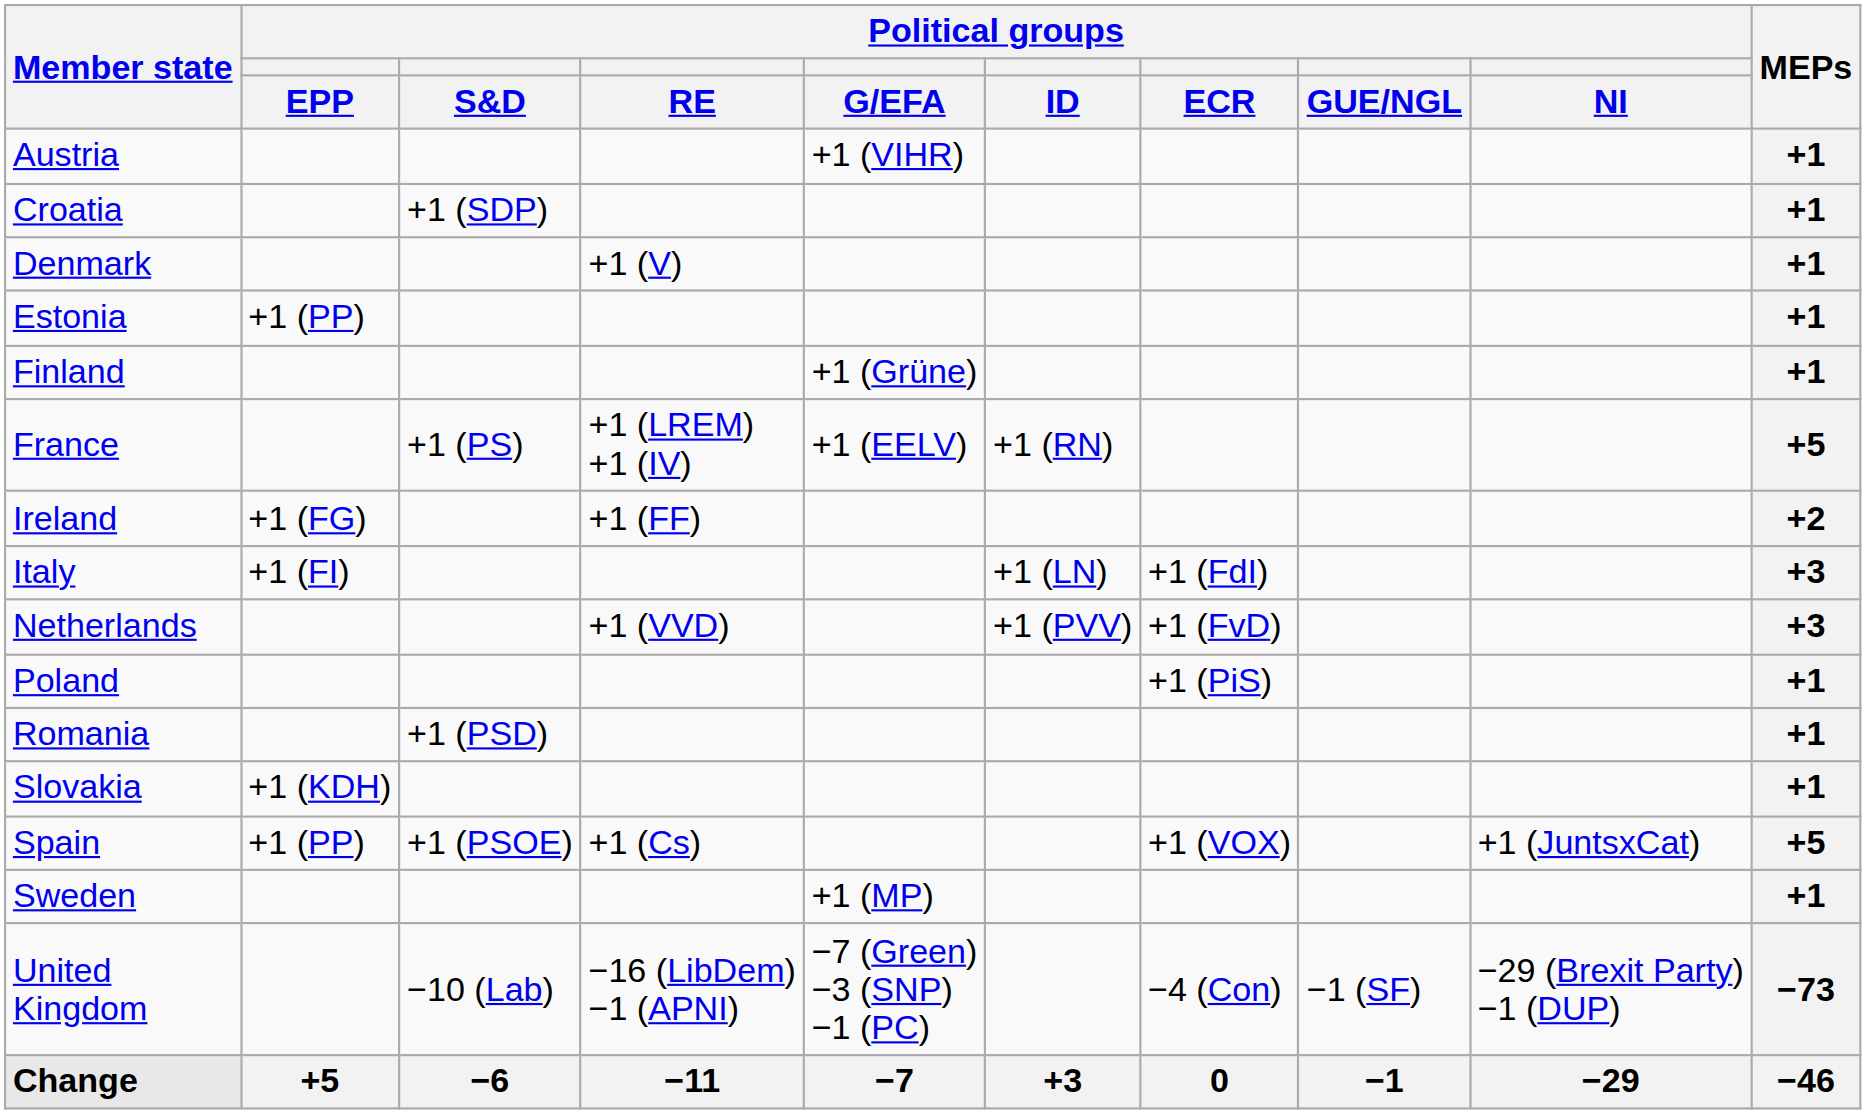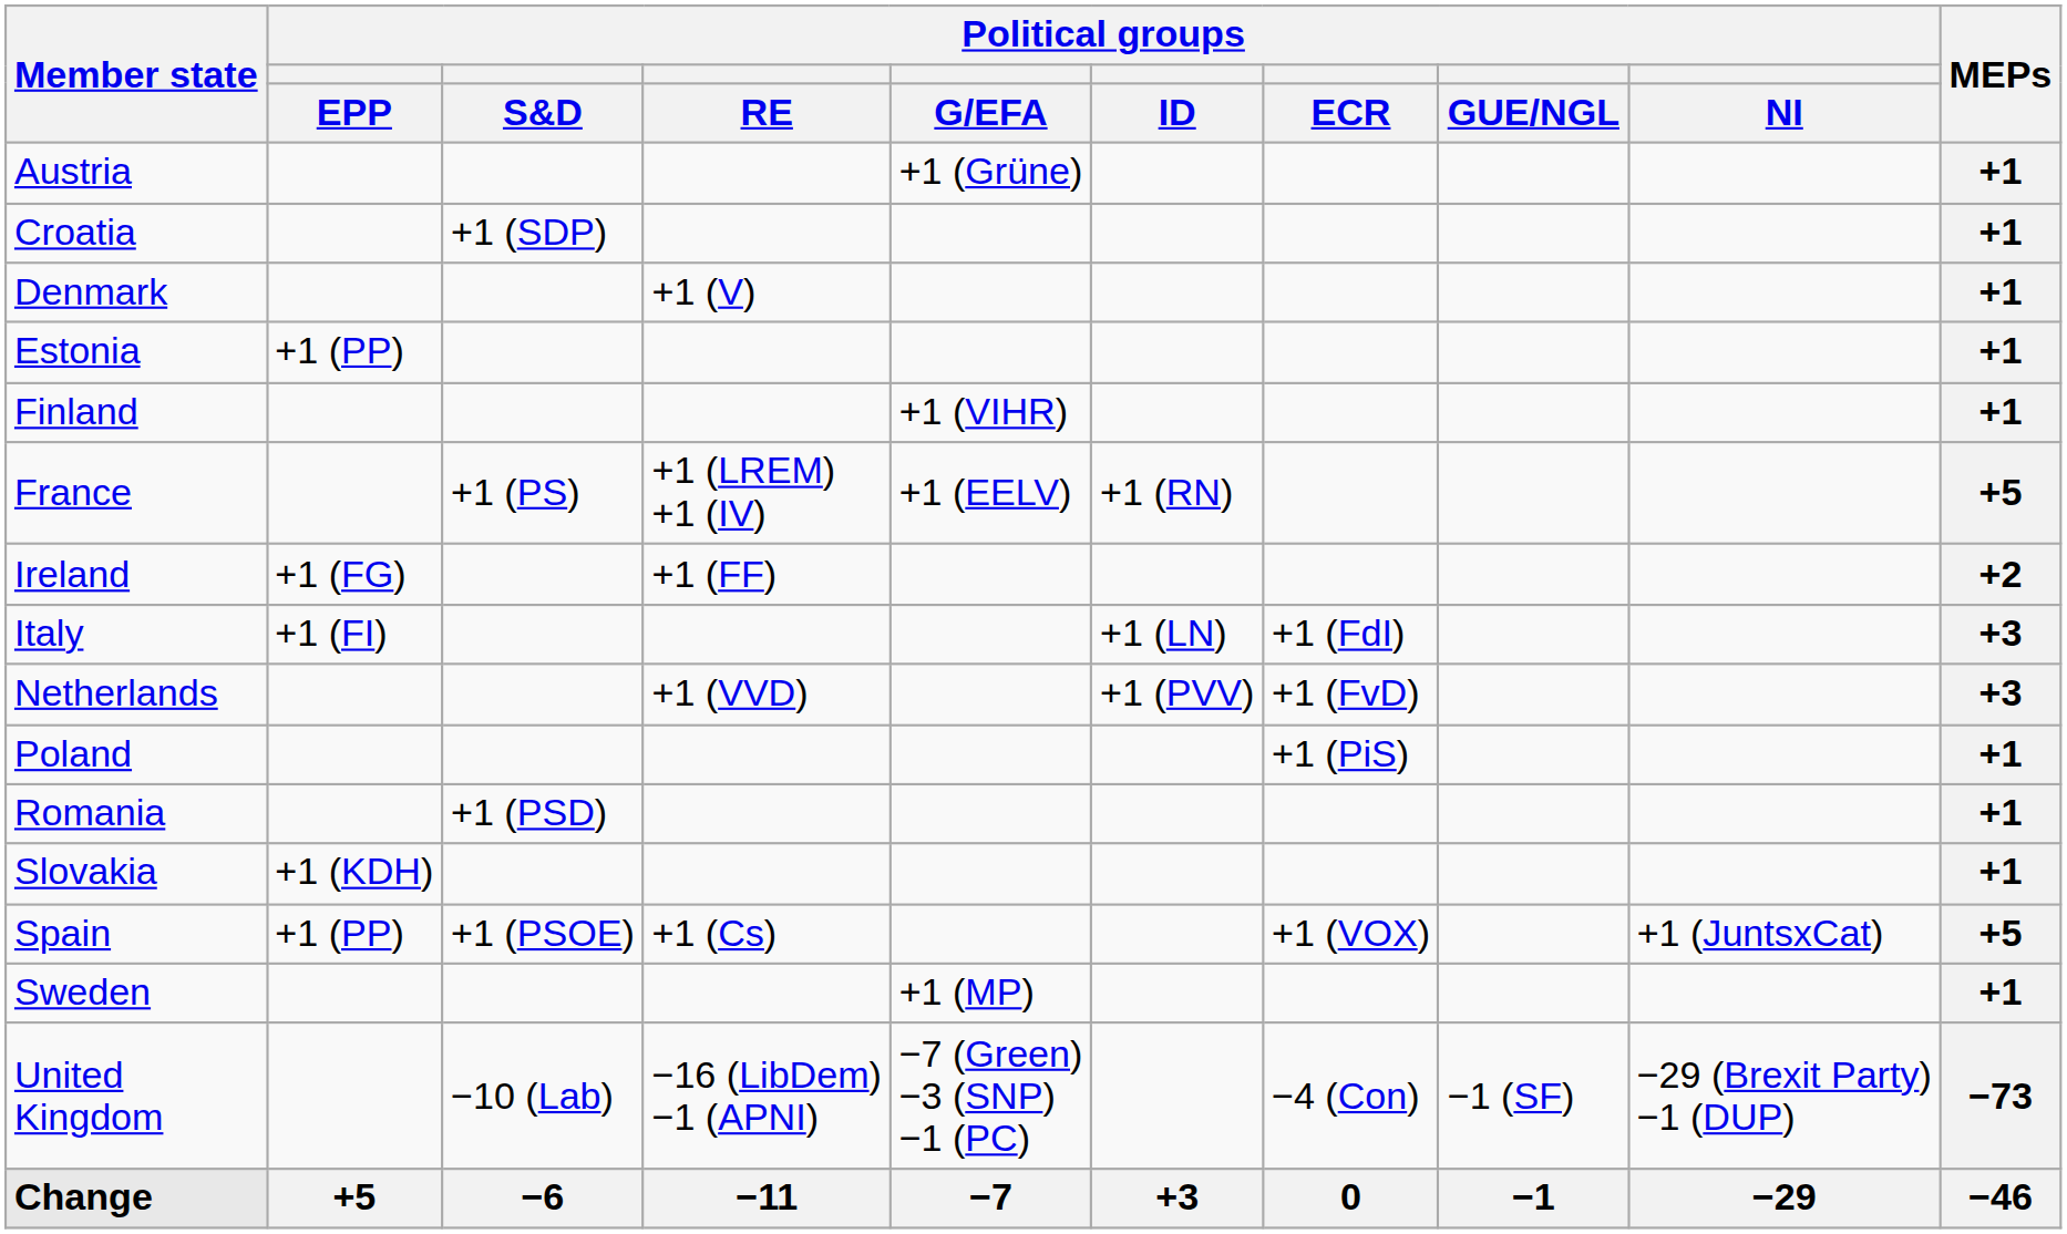 <table class="wikitable" style="white-space:nowrap">
 <tr>
 <th rowspan="3"><a href='#'>Member state</a></th>
 <th colspan="8"><a href='#'>Political groups</a></th>
 <th rowspan="3">MEPs</th>
 </tr>
 <tr>
 <th style="background:"></th>
 <th style="background:"></th>
 <th style="background:"></th>
 <th style="background:"></th>
 <th style="background:"></th>
 <th style="background:"></th>
 <th style="background:"></th>
 <th style="background:"></th>
 </tr>
 <tr>
 <th><a href='#'>EPP</a></th>
 <th><a href='#'>S&D</a></th>
 <th><a href='#'>RE</a></th>
 <th><a href='#'>G/EFA</a></th>
 <th><a href='#'>ID</a></th>
 <th><a href='#'>ECR</a></th>
 <th><a href='#'>GUE/NGL</a></th>
 <th><a href='#'>NI</a></th>
 </tr>
 <tr>
 <td> <a href='#'>Austria</a></td>
 <td></td>
 <td></td>
 <td></td>
-<td>+1 (<a href='#'>VIHR</a>)</td>
+<td>+1 (<a href='#'>Grüne</a>)</td>
 <td></td>
 <td></td>
 <td></td>
 <td></td>
 <th>+1</th>
 </tr>
 <tr>
 <td> <a href='#'>Croatia</a></td>
 <td></td>
 <td>+1 (<a href='#'>SDP</a>)</td>
 <td></td>
 <td></td>
 <td></td>
 <td></td>
 <td></td>
 <td></td>
 <th>+1</th>
 </tr>
 <tr>
 <td> <a href='#'>Denmark</a></td>
 <td></td>
 <td></td>
 <td>+1 (<a href='#'>V</a>)</td>
 <td></td>
 <td></td>
 <td></td>
 <td></td>
 <td></td>
 <th>+1</th>
 </tr>
 <tr>
 <td> <a href='#'>Estonia</a></td>
 <td>+1 (<a href='#'>PP</a>)</td>
 <td></td>
 <td></td>
 <td></td>
 <td></td>
 <td></td>
 <td></td>
 <td></td>
 <th>+1</th>
 </tr>
 <tr>
 <td> <a href='#'>Finland</a></td>
 <td></td>
 <td></td>
 <td></td>
-<td>+1 (<a href='#'>Grüne</a>)</td>
+<td>+1 (<a href='#'>VIHR</a>)</td>
 <td></td>
 <td></td>
 <td></td>
 <td></td>
 <th>+1</th>
 </tr>
 <tr>
 <td> <a href='#'>France</a></td>
 <td></td>
 <td>+1 (<a href='#'>PS</a>)</td>
 <td>+1 (<a href='#'>LREM</a>)<br>+1 (<a href='#'>IV</a>)</td>
 <td>+1 (<a href='#'>EELV</a>)</td>
 <td>+1 (<a href='#'>RN</a>)</td>
 <td></td>
 <td></td>
 <td></td>
 <th>+5</th>
 </tr>
 <tr>
 <td> <a href='#'>Ireland</a></td>
 <td>+1 (<a href='#'>FG</a>)</td>
 <td></td>
 <td>+1 (<a href='#'>FF</a>)</td>
 <td></td>
 <td></td>
 <td></td>
 <td></td>
 <td></td>
 <th>+2</th>
 </tr>
 <tr>
 <td> <a href='#'>Italy</a></td>
 <td>+1 (<a href='#'>FI</a>)</td>
 <td></td>
 <td></td>
 <td></td>
 <td>+1 (<a href='#'>LN</a>)</td>
 <td>+1 (<a href='#'>FdI</a>)</td>
 <td></td>
 <td></td>
 <th>+3</th>
 </tr>
 <tr>
 <td> <a href='#'>Netherlands</a></td>
 <td></td>
 <td></td>
 <td>+1 (<a href='#'>VVD</a>)</td>
 <td></td>
 <td>+1 (<a href='#'>PVV</a>)</td>
 <td>+1 (<a href='#'>FvD</a>)</td>
 <td></td>
 <td></td>
 <th>+3</th>
 </tr>
 <tr>
 <td> <a href='#'>Poland</a></td>
 <td></td>
 <td></td>
 <td></td>
 <td></td>
 <td></td>
 <td>+1 (<a href='#'>PiS</a>)</td>
 <td></td>
 <td></td>
 <th>+1</th>
 </tr>
 <tr>
 <td> <a href='#'>Romania</a></td>
 <td></td>
 <td>+1 (<a href='#'>PSD</a>)</td>
 <td></td>
 <td></td>
 <td></td>
 <td></td>
 <td></td>
 <td></td>
 <th>+1</th>
 </tr>
 <tr>
 <td> <a href='#'>Slovakia</a></td>
 <td>+1 (<a href='#'>KDH</a>)</td>
 <td></td>
 <td></td>
 <td></td>
 <td></td>
 <td></td>
 <td></td>
 <td></td>
 <th>+1</th>
 </tr>
 <tr>
 <td> <a href='#'>Spain</a></td>
 <td>+1 (<a href='#'>PP</a>)</td>
 <td>+1 (<a href='#'>PSOE</a>)</td>
 <td>+1 (<a href='#'>Cs</a>)</td>
 <td></td>
 <td></td>
 <td>+1 (<a href='#'>VOX</a>)</td>
 <td></td>
 <td>+1 (<a href='#'>JuntsxCat</a>)</td>
 <th>+5</th>
 </tr>
 <tr>
 <td> <a href='#'>Sweden</a></td>
 <td></td>
 <td></td>
 <td></td>
 <td>+1 (<a href='#'>MP</a>)</td>
 <td></td>
 <td></td>
 <td></td>
 <td></td>
 <th>+1</th>
 </tr>
 <tr>
 <td> <a href='#'>United<br>Kingdom</a></td>
 <td></td>
 <td>−10 (<a href='#'>Lab</a>)</td>
 <td>−16 (<a href='#'>LibDem</a>)<br>−1 (<a href='#'>APNI</a>)</td>
 <td>−7 (<a href='#'>Green</a>)<br>−3 (<a href='#'>SNP</a>)<br>−1 (<a href='#'>PC</a>)</td>
 <td></td>
 <td>−4 (<a href='#'>Con</a>)</td>
 <td>−1 (<a href='#'>SF</a>)</td>
 <td>−29 (<a href='#'>Brexit Party</a>)<br>−1 (<a href='#'>DUP</a>)</td>
 <th>−73</th>
 </tr>
 <tr class="sortbottom" style="font-weight:bold; background:rgb(232,232,232);">
 <td>Change</td>
 <th>+5</th>
 <th>−6</th>
 <th>−11</th>
 <th>−7</th>
 <th>+3</th>
 <th>0</th>
 <th>−1</th>
 <th>−29</th>
 <th>−46</th>
 </tr>
 </table>
